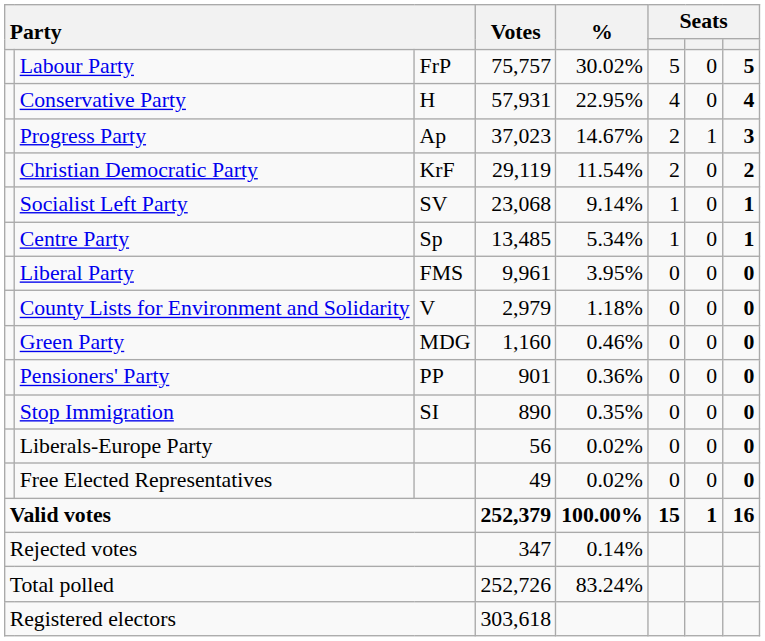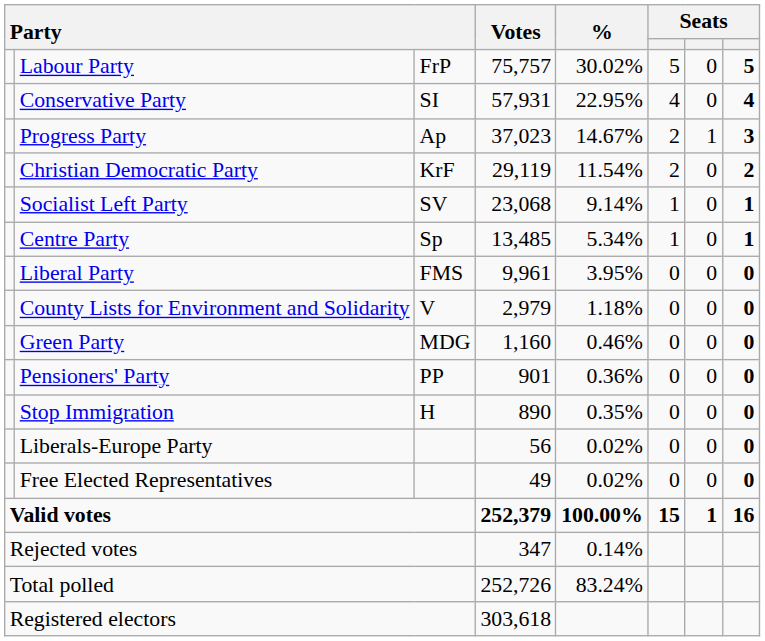 <table class="wikitable" border="1" style="text-align:right;">
 <tr>
 <th style="text-align:left;" valign=bottom rowspan=2 colspan=3>Party</th>
 <th align=center valign=bottom rowspan=2 width="50">Votes</th>
 <th align=center valign=bottom rowspan=2 width="50">%</th>
 <th colspan=3>Seats</th>
 </tr>
 <tr>
 <th align=center valign=bottom width="20"><small></small></th>
 <th align=center valign=bottom width="20"><small><a href='#'></a></small></th>
 <th align=center valign=bottom width="20"><small></small></th>
 </tr>
 <tr>
 <td style="color:inherit;background:"></td>
 <td align=left><a href='#'>Labour Party</a></td>
 <td align=left>FrP</td>
 <td>75,757</td>
 <td>30.02%</td>
 <td>5</td>
 <td>0</td>
 <td><strong>5</strong></td>
 </tr>
 <tr>
 <td style="color:inherit;background:"></td>
 <td align=left><a href='#'>Conservative Party</a></td>
-<td align=left>H</td>
+<td align=left>SI</td>
 <td>57,931</td>
 <td>22.95%</td>
 <td>4</td>
 <td>0</td>
 <td><strong>4</strong></td>
 </tr>
 <tr>
 <td style="color:inherit;background:"></td>
 <td align=left><a href='#'>Progress Party</a></td>
 <td align=left>Ap</td>
 <td>37,023</td>
 <td>14.67%</td>
 <td>2</td>
 <td>1</td>
 <td><strong>3</strong></td>
 </tr>
 <tr>
 <td style="color:inherit;background:"></td>
 <td align=left><a href='#'>Christian Democratic Party</a></td>
 <td align=left>KrF</td>
 <td>29,119</td>
 <td>11.54%</td>
 <td>2</td>
 <td>0</td>
 <td><strong>2</strong></td>
 </tr>
 <tr>
 <td style="color:inherit;background:"></td>
 <td align=left><a href='#'>Socialist Left Party</a></td>
 <td align=left>SV</td>
 <td>23,068</td>
 <td>9.14%</td>
 <td>1</td>
 <td>0</td>
 <td><strong>1</strong></td>
 </tr>
 <tr>
 <td style="color:inherit;background:"></td>
 <td align=left><a href='#'>Centre Party</a></td>
 <td align=left>Sp</td>
 <td>13,485</td>
 <td>5.34%</td>
 <td>1</td>
 <td>0</td>
 <td><strong>1</strong></td>
 </tr>
 <tr>
 <td style="color:inherit;background:"></td>
 <td align=left><a href='#'>Liberal Party</a></td>
 <td align=left>FMS</td>
 <td>9,961</td>
 <td>3.95%</td>
 <td>0</td>
 <td>0</td>
 <td><strong>0</strong></td>
 </tr>
 <tr>
 <td></td>
 <td align=left><a href='#'>County Lists for Environment and Solidarity</a></td>
 <td align=left>V</td>
 <td>2,979</td>
 <td>1.18%</td>
 <td>0</td>
 <td>0</td>
 <td><strong>0</strong></td>
 </tr>
 <tr>
 <td style="color:inherit;background:"></td>
 <td align=left><a href='#'>Green Party</a></td>
 <td align=left>MDG</td>
 <td>1,160</td>
 <td>0.46%</td>
 <td>0</td>
 <td>0</td>
 <td><strong>0</strong></td>
 </tr>
 <tr>
 <td style="color:inherit;background:"></td>
 <td align=left><a href='#'>Pensioners' Party</a></td>
 <td align=left>PP</td>
 <td>901</td>
 <td>0.36%</td>
 <td>0</td>
 <td>0</td>
 <td><strong>0</strong></td>
 </tr>
 <tr>
 <td style="color:inherit;background:"></td>
 <td align=left><a href='#'>Stop Immigration</a></td>
-<td align=left>SI</td>
+<td align=left>H</td>
 <td>890</td>
 <td>0.35%</td>
 <td>0</td>
 <td>0</td>
 <td><strong>0</strong></td>
 </tr>
 <tr>
 <td></td>
 <td align=left>Liberals-Europe Party</td>
 <td align=left></td>
 <td>56</td>
 <td>0.02%</td>
 <td>0</td>
 <td>0</td>
 <td><strong>0</strong></td>
 </tr>
 <tr>
 <td></td>
 <td align=left>Free Elected Representatives</td>
 <td align=left></td>
 <td>49</td>
 <td>0.02%</td>
 <td>0</td>
 <td>0</td>
 <td><strong>0</strong></td>
 </tr>
 <tr style="font-weight:bold">
 <td align=left colspan=3>Valid votes</td>
 <td>252,379</td>
 <td>100.00%</td>
 <td>15</td>
 <td>1</td>
 <td>16</td>
 </tr>
 <tr>
 <td align=left colspan=3>Rejected votes</td>
 <td>347</td>
 <td>0.14%</td>
 <td></td>
 <td></td>
 <td></td>
 </tr>
 <tr>
 <td align=left colspan=3>Total polled</td>
 <td>252,726</td>
 <td>83.24%</td>
 <td></td>
 <td></td>
 <td></td>
 </tr>
 <tr>
 <td align=left colspan=3>Registered electors</td>
 <td>303,618</td>
 <td></td>
 <td></td>
 <td></td>
 <td></td>
 </tr>
 </table>
